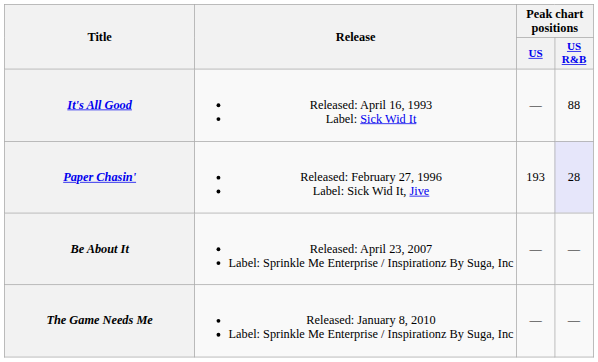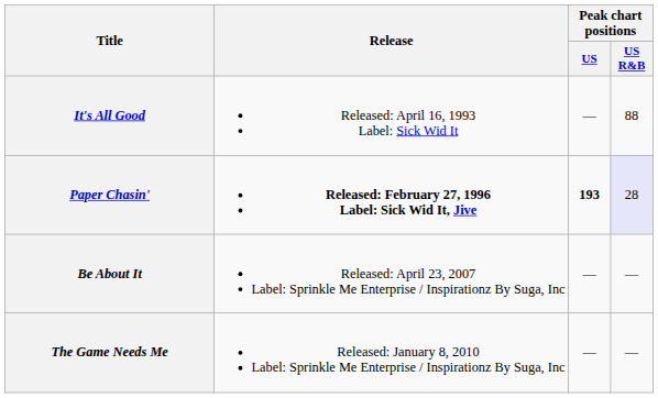 <table class="wikitable plainrowheaders" style="text-align:center;">
 <tr>
 <th scope="col" rowspan="2" style="width:15em;">Title</th>
 <th scope="col" rowspan="2">Release</th>
 <th scope="col" colspan="5">Peak chart positions</th>
 </tr>
 <tr>
 <th scope="col" style="width:3em;font-size:90%;"><a href='#'>US</a><br></th>
 <th scope="col" style="width:3em;font-size:90%;"><a href='#'>US<br>R&B</a><br></th>
 </tr>
 <tr>
 <th scope="row"><em><a href='#'>It's All Good</a></em></th>
 <td><br><ul><li>Released: April 16, 1993</li><li>Label: <a href='#'>Sick Wid It</a></li></ul></td>
 <td>—</td>
 <td>88</td>
 </tr>
 <tr>
 <th scope="row"><em><a href='#'>Paper Chasin'</a></em></th>
-<td><br><ul><li>Released: February 27, 1996</li><li>Label: Sick Wid It, <a href='#'>Jive</a></li></ul></td>
-<td>193</td>
+<td><strong><br><ul><li>Released: February 27, 1996</li><li>Label: Sick Wid It, <a href='#'>Jive</a></li></ul></strong></td>
+<td><strong>193</strong></td>
 <td style="background: lavender;">28</td>
 </tr>
 <tr>
 <th scope="row"><em>Be About It</em></th>
 <td><br><ul><li>Released: April 23, 2007</li><li>Label: Sprinkle Me Enterprise / Inspirationz By Suga, Inc</li></ul></td>
 <td>—</td>
 <td>—</td>
 </tr>
 <tr>
 <th scope="row"><em>The Game Needs Me</em></th>
 <td><br><ul><li>Released: January 8, 2010</li><li>Label: Sprinkle Me Enterprise / Inspirationz By Suga, Inc</li></ul></td>
 <td>—</td>
 <td>—</td>
 </tr>
 </table>
